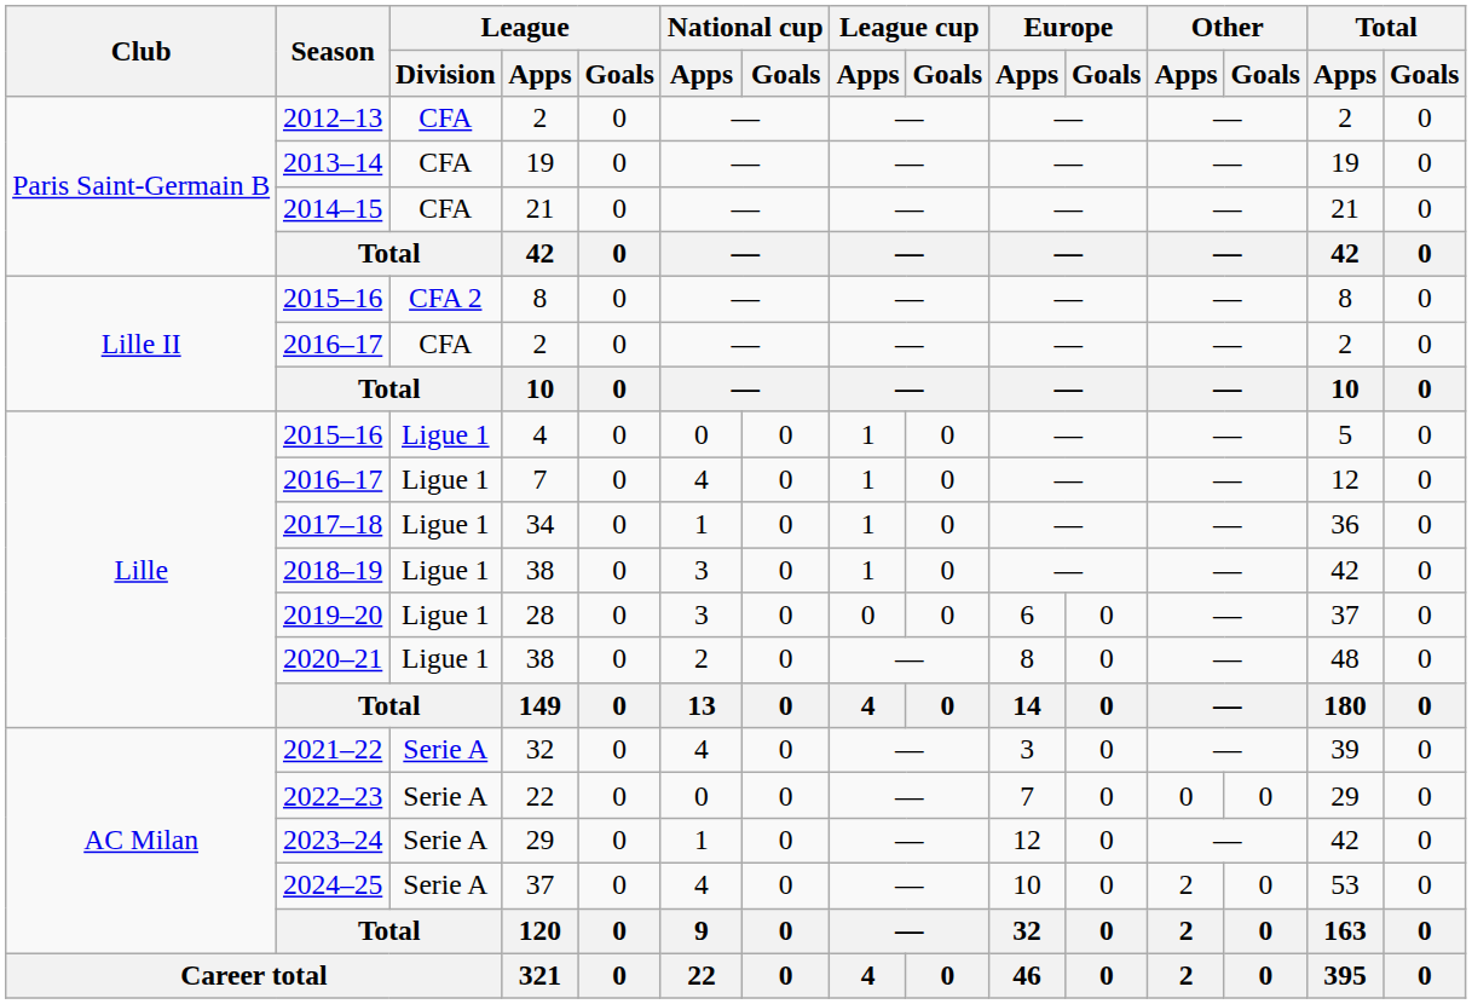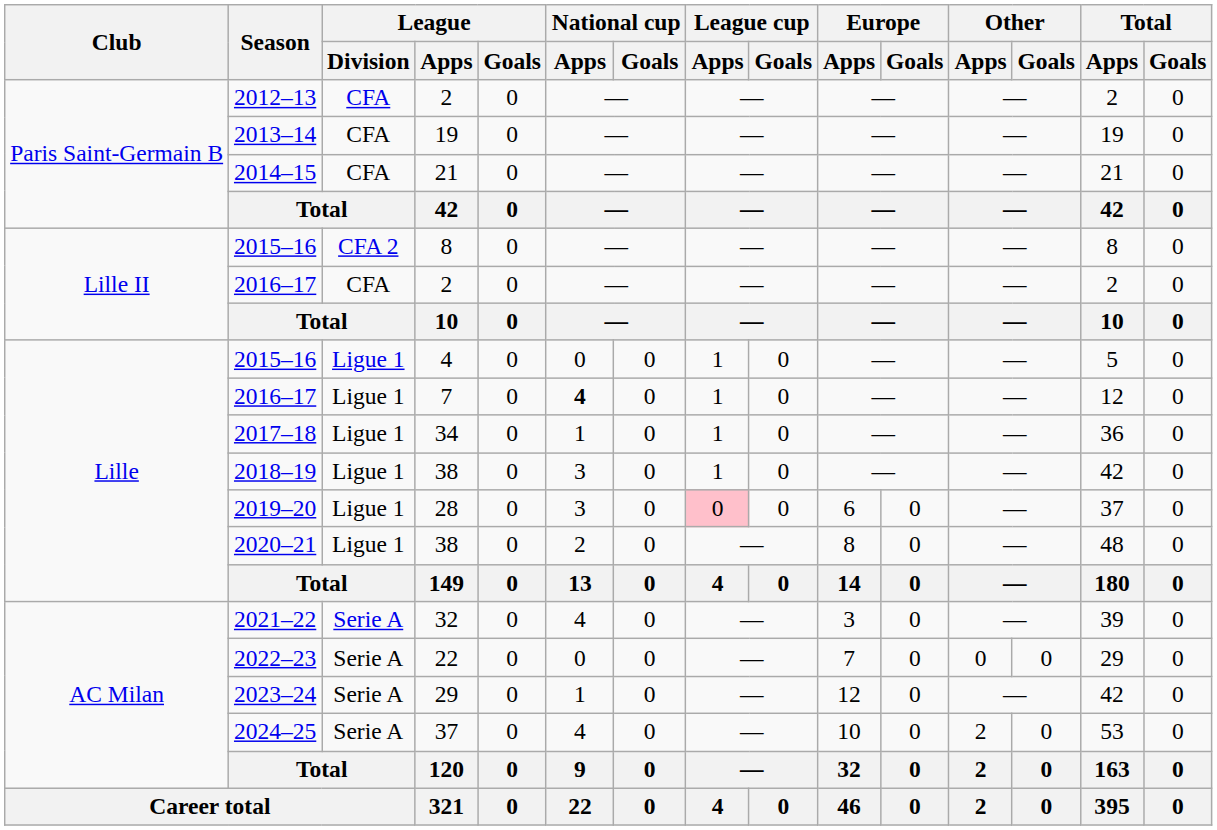 <table class="wikitable" style="text-align: center;">
 <tr>
 <th rowspan="2">Club</th>
 <th rowspan="2">Season</th>
 <th colspan="3">League</th>
 <th colspan="2">National cup</th>
 <th colspan="2">League cup</th>
 <th colspan="2">Europe</th>
 <th colspan="2">Other</th>
 <th colspan="2">Total</th>
 </tr>
 <tr>
 <th>Division</th>
 <th>Apps</th>
 <th>Goals</th>
 <th>Apps</th>
 <th>Goals</th>
 <th>Apps</th>
 <th>Goals</th>
 <th>Apps</th>
 <th>Goals</th>
 <th>Apps</th>
 <th>Goals</th>
 <th>Apps</th>
 <th>Goals</th>
 </tr>
 <tr>
 <td rowspan="4"><a href='#'>Paris Saint-Germain B</a></td>
 <td><a href='#'>2012–13</a></td>
 <td><a href='#'>CFA</a></td>
 <td>2</td>
 <td>0</td>
 <td colspan="2">—</td>
 <td colspan="2">—</td>
 <td colspan="2">—</td>
 <td colspan="2">—</td>
 <td>2</td>
 <td>0</td>
 </tr>
 <tr>
 <td><a href='#'>2013–14</a></td>
 <td>CFA</td>
 <td>19</td>
 <td>0</td>
 <td colspan="2">—</td>
 <td colspan="2">—</td>
 <td colspan="2">—</td>
 <td colspan="2">—</td>
 <td>19</td>
 <td>0</td>
 </tr>
 <tr>
 <td><a href='#'>2014–15</a></td>
 <td>CFA</td>
 <td>21</td>
 <td>0</td>
 <td colspan="2">—</td>
 <td colspan="2">—</td>
 <td colspan="2">—</td>
 <td colspan="2">—</td>
 <td>21</td>
 <td>0</td>
 </tr>
 <tr>
 <th colspan="2">Total</th>
 <th>42</th>
 <th>0</th>
 <th colspan="2">—</th>
 <th colspan="2">—</th>
 <th colspan="2">—</th>
 <th colspan="2">—</th>
 <th>42</th>
 <th>0</th>
 </tr>
 <tr>
 <td rowspan="3"><a href='#'>Lille II</a></td>
 <td><a href='#'>2015–16</a></td>
 <td><a href='#'>CFA 2</a></td>
 <td>8</td>
 <td>0</td>
 <td colspan="2">—</td>
 <td colspan="2">—</td>
 <td colspan="2">—</td>
 <td colspan="2">—</td>
 <td>8</td>
 <td>0</td>
 </tr>
 <tr>
 <td><a href='#'>2016–17</a></td>
 <td>CFA</td>
 <td>2</td>
 <td>0</td>
 <td colspan="2">—</td>
 <td colspan="2">—</td>
 <td colspan="2">—</td>
 <td colspan="2">—</td>
 <td>2</td>
 <td>0</td>
 </tr>
 <tr>
 <th colspan="2">Total</th>
 <th>10</th>
 <th>0</th>
 <th colspan="2">—</th>
 <th colspan="2">—</th>
 <th colspan="2">—</th>
 <th colspan="2">—</th>
 <th>10</th>
 <th>0</th>
 </tr>
 <tr>
 <td rowspan="7"><a href='#'>Lille</a></td>
 <td><a href='#'>2015–16</a></td>
 <td><a href='#'>Ligue 1</a></td>
 <td>4</td>
 <td>0</td>
 <td>0</td>
 <td>0</td>
 <td>1</td>
 <td>0</td>
 <td colspan="2">—</td>
 <td colspan="2">—</td>
 <td>5</td>
 <td>0</td>
 </tr>
 <tr>
 <td><a href='#'>2016–17</a></td>
 <td>Ligue 1</td>
 <td>7</td>
 <td>0</td>
-<td>4</td>
+<td><strong>4</strong></td>
 <td>0</td>
 <td>1</td>
 <td>0</td>
 <td colspan="2">—</td>
 <td colspan="2">—</td>
 <td>12</td>
 <td>0</td>
 </tr>
 <tr>
 <td><a href='#'>2017–18</a></td>
 <td>Ligue 1</td>
 <td>34</td>
 <td>0</td>
 <td>1</td>
 <td>0</td>
 <td>1</td>
 <td>0</td>
 <td colspan="2">—</td>
 <td colspan="2">—</td>
 <td>36</td>
 <td>0</td>
 </tr>
 <tr>
 <td><a href='#'>2018–19</a></td>
 <td>Ligue 1</td>
 <td>38</td>
 <td>0</td>
 <td>3</td>
 <td>0</td>
 <td>1</td>
 <td>0</td>
 <td colspan="2">—</td>
 <td colspan="2">—</td>
 <td>42</td>
 <td>0</td>
 </tr>
 <tr>
 <td><a href='#'>2019–20</a></td>
 <td>Ligue 1</td>
 <td>28</td>
 <td>0</td>
 <td>3</td>
 <td>0</td>
-<td>0</td>
+<td style="background: pink;">0</td>
 <td>0</td>
 <td>6</td>
 <td>0</td>
 <td colspan="2">—</td>
 <td>37</td>
 <td>0</td>
 </tr>
 <tr>
 <td><a href='#'>2020–21</a></td>
 <td>Ligue 1</td>
 <td>38</td>
 <td>0</td>
 <td>2</td>
 <td>0</td>
 <td colspan="2">—</td>
 <td>8</td>
 <td>0</td>
 <td colspan="2">—</td>
 <td>48</td>
 <td>0</td>
 </tr>
 <tr>
 <th colspan="2">Total</th>
 <th>149</th>
 <th>0</th>
 <th>13</th>
 <th>0</th>
 <th>4</th>
 <th>0</th>
 <th>14</th>
 <th>0</th>
 <th colspan="2">—</th>
 <th>180</th>
 <th>0</th>
 </tr>
 <tr>
 <td rowspan="5"><a href='#'>AC Milan</a></td>
 <td><a href='#'>2021–22</a></td>
 <td><a href='#'>Serie A</a></td>
 <td>32</td>
 <td>0</td>
 <td>4</td>
 <td>0</td>
 <td colspan="2">—</td>
 <td>3</td>
 <td>0</td>
 <td colspan="2">—</td>
 <td>39</td>
 <td>0</td>
 </tr>
 <tr>
 <td><a href='#'>2022–23</a></td>
 <td>Serie A</td>
 <td>22</td>
 <td>0</td>
 <td>0</td>
 <td>0</td>
 <td colspan="2">—</td>
 <td>7</td>
 <td>0</td>
 <td>0</td>
 <td>0</td>
 <td>29</td>
 <td>0</td>
 </tr>
 <tr>
 <td><a href='#'>2023–24</a></td>
 <td>Serie A</td>
 <td>29</td>
 <td>0</td>
 <td>1</td>
 <td>0</td>
 <td colspan="2">—</td>
 <td>12</td>
 <td>0</td>
 <td colspan="2">—</td>
 <td>42</td>
 <td>0</td>
 </tr>
 <tr>
 <td><a href='#'>2024–25</a></td>
 <td>Serie A</td>
 <td>37</td>
 <td>0</td>
 <td>4</td>
 <td>0</td>
 <td colspan="2">—</td>
 <td>10</td>
 <td>0</td>
 <td>2</td>
 <td>0</td>
 <td>53</td>
 <td>0</td>
 </tr>
 <tr>
 <th colspan="2">Total</th>
 <th>120</th>
 <th>0</th>
 <th>9</th>
 <th>0</th>
 <th colspan="2">—</th>
 <th>32</th>
 <th>0</th>
 <th>2</th>
 <th>0</th>
 <th>163</th>
 <th>0</th>
 </tr>
 <tr>
 <th colspan="3">Career total</th>
 <th>321</th>
 <th>0</th>
 <th>22</th>
 <th>0</th>
 <th>4</th>
 <th>0</th>
 <th>46</th>
 <th>0</th>
 <th>2</th>
 <th>0</th>
 <th>395</th>
 <th>0</th>
 </tr>
 </table>
